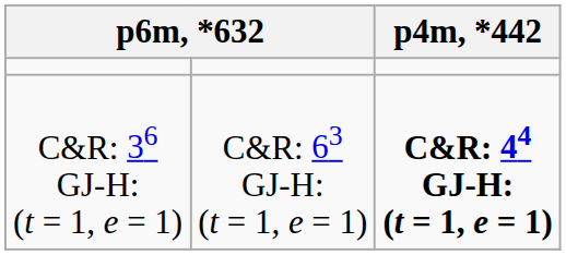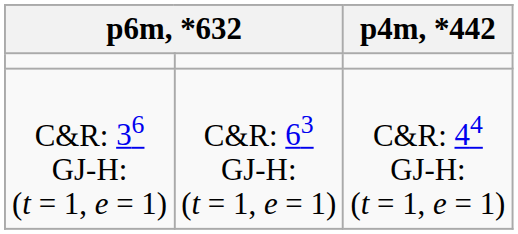 <table class="wikitable">
 <tr>
 <th colspan=2>p6m, *632</th>
 <th>p4m, *442</th>
 </tr>
 <tr align=center>
 <td></td>
 <td></td>
 <td></td>
 </tr>
 <tr align=center>
 <td><br>C&R: <a href='#'>3<sup>6</sup></a><br>GJ-H: <br>(<em>t</em> = 1, <em>e</em> = 1)</td>
 <td><br>C&R: <a href='#'>6<sup>3</sup></a><br>GJ-H: <br>(<em>t</em> = 1, <em>e</em> = 1)</td>
-<td><strong><br>C&R: <a href='#'>4<sup>4</sup></a><br>GJ-H: <br>(<em>t</em> = 1, <em>e</em> = 1)</strong></td>
+<td><br>C&R: <a href='#'>4<sup>4</sup></a><br>GJ-H: <br>(<em>t</em> = 1, <em>e</em> = 1)</td>
 </tr>
 </table>
